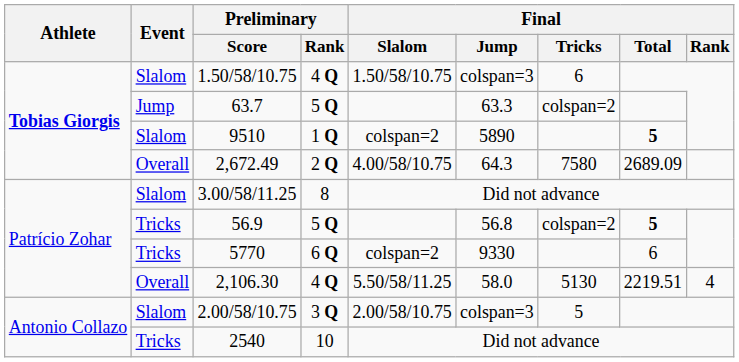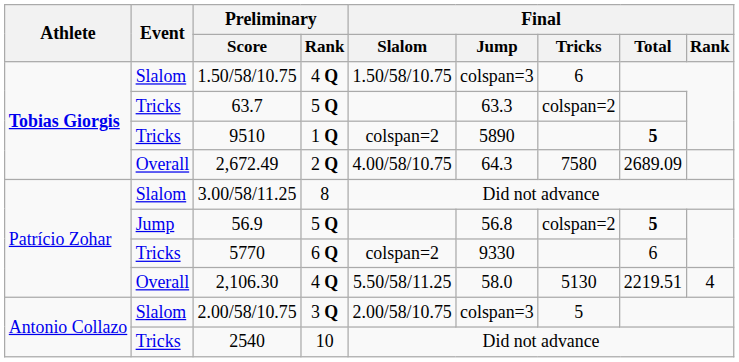 <table class=wikitable style=font-size:90%;text-align:center>
 <tr>
 <th rowspan=2>Athlete</th>
 <th rowspan=2>Event</th>
 <th colspan=2>Preliminary</th>
 <th colspan=5>Final</th>
 </tr>
 <tr style=font-size:95%>
 <th>Score</th>
 <th>Rank</th>
 <th>Slalom</th>
 <th>Jump</th>
 <th>Tricks</th>
 <th>Total</th>
 <th>Rank</th>
 </tr>
 <tr>
 <td align=left rowspan=4><strong><a href='#'>Tobias Giorgis</a></strong></td>
 <td align=left><a href='#'>Slalom</a></td>
 <td>1.50/58/10.75</td>
 <td>4 <strong>Q</strong></td>
 <td>1.50/58/10.75</td>
 <td>colspan=3 </td>
 <td>6</td>
 </tr>
 <tr>
-<td align=left><a href='#'>Jump</a></td>
+<td align=left><a href='#'>Tricks</a></td>
 <td>63.7</td>
 <td>5 <strong>Q</strong></td>
 <td></td>
 <td>63.3</td>
 <td>colspan=2 </td>
 <td></td>
 </tr>
 <tr>
-<td align=left><a href='#'>Slalom</a></td>
+<td align=left><a href='#'>Tricks</a></td>
 <td>9510</td>
 <td>1 <strong>Q</strong></td>
 <td>colspan=2 </td>
 <td>5890</td>
 <td></td>
 <td><strong>5</strong></td>
 </tr>
 <tr>
 <td align=left><a href='#'>Overall</a></td>
 <td>2,672.49</td>
 <td>2 <strong>Q</strong></td>
 <td>4.00/58/10.75</td>
 <td>64.3</td>
 <td>7580</td>
 <td>2689.09</td>
 <td></td>
 </tr>
 <tr>
 <td align=left rowspan=4><a href='#'>Patrício Zohar</a></td>
 <td align=left><a href='#'>Slalom</a></td>
 <td>3.00/58/11.25</td>
 <td>8</td>
 <td colspan=5>Did not advance</td>
 </tr>
 <tr>
-<td align=left><a href='#'>Tricks</a></td>
+<td align=left><a href='#'>Jump</a></td>
 <td>56.9</td>
 <td>5 <strong>Q</strong></td>
 <td></td>
 <td>56.8</td>
 <td>colspan=2 </td>
 <td><strong>5</strong></td>
 </tr>
 <tr>
 <td align=left><a href='#'>Tricks</a></td>
 <td>5770</td>
 <td>6 <strong>Q</strong></td>
 <td>colspan=2 </td>
 <td>9330</td>
 <td></td>
 <td>6</td>
 </tr>
 <tr>
 <td align=left><a href='#'>Overall</a></td>
 <td>2,106.30</td>
 <td>4 <strong>Q</strong></td>
 <td>5.50/58/11.25</td>
 <td>58.0</td>
 <td>5130</td>
 <td>2219.51</td>
 <td>4</td>
 </tr>
 <tr>
 <td align=left rowspan=2><a href='#'>Antonio Collazo</a></td>
 <td align=left><a href='#'>Slalom</a></td>
 <td>2.00/58/10.75</td>
 <td>3 <strong>Q</strong></td>
 <td>2.00/58/10.75</td>
 <td>colspan=3 </td>
 <td>5</td>
 </tr>
 <tr>
 <td align=left><a href='#'>Tricks</a></td>
 <td>2540</td>
 <td>10</td>
 <td colspan=5>Did not advance</td>
 </tr>
 </table>
